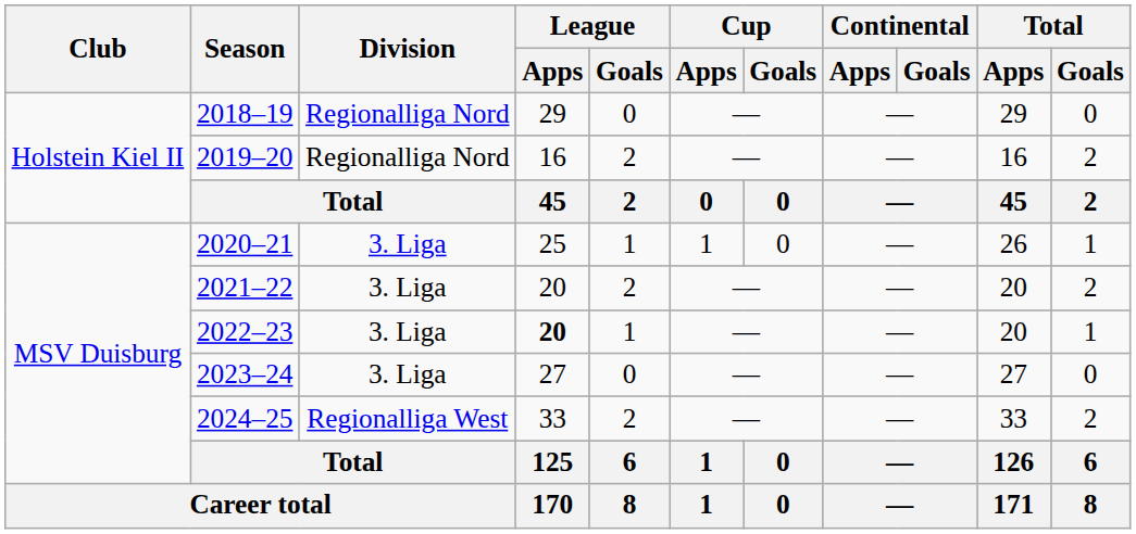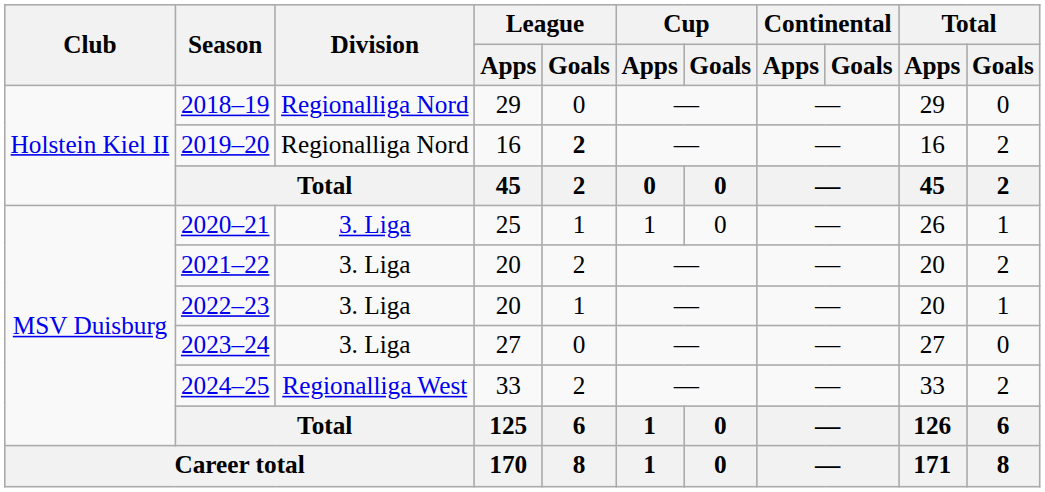 <table class="wikitable" style="text-align:center">
 <tr>
 <th rowspan="2">Club</th>
 <th rowspan="2">Season</th>
 <th rowspan="2">Division</th>
 <th colspan="2">League</th>
 <th colspan="2">Cup</th>
 <th colspan="2">Continental</th>
 <th colspan="2">Total</th>
 </tr>
 <tr>
 <th>Apps</th>
 <th>Goals</th>
 <th>Apps</th>
 <th>Goals</th>
 <th>Apps</th>
 <th>Goals</th>
 <th>Apps</th>
 <th>Goals</th>
 </tr>
 <tr>
 <td rowspan="3"><a href='#'>Holstein Kiel II</a></td>
 <td><a href='#'>2018–19</a></td>
 <td><a href='#'>Regionalliga Nord</a></td>
 <td>29</td>
 <td>0</td>
 <td colspan="2">—</td>
 <td colspan="2">—</td>
 <td>29</td>
 <td>0</td>
 </tr>
 <tr>
 <td><a href='#'>2019–20</a></td>
 <td>Regionalliga Nord</td>
 <td>16</td>
-<td>2</td>
+<td><strong>2</strong></td>
 <td colspan="2">—</td>
 <td colspan="2">—</td>
 <td>16</td>
 <td>2</td>
 </tr>
 <tr>
 <th colspan="2">Total</th>
 <th>45</th>
 <th>2</th>
 <th>0</th>
 <th>0</th>
 <th colspan="2">—</th>
 <th>45</th>
 <th>2</th>
 </tr>
 <tr>
 <td rowspan="6"><a href='#'>MSV Duisburg</a></td>
 <td><a href='#'>2020–21</a></td>
 <td><a href='#'>3. Liga</a></td>
 <td>25</td>
 <td>1</td>
 <td>1</td>
 <td>0</td>
 <td colspan="2">—</td>
 <td>26</td>
 <td>1</td>
 </tr>
 <tr>
 <td><a href='#'>2021–22</a></td>
 <td>3. Liga</td>
 <td>20</td>
 <td>2</td>
 <td colspan="2">—</td>
 <td colspan="2">—</td>
 <td>20</td>
 <td>2</td>
 </tr>
 <tr>
 <td><a href='#'>2022–23</a></td>
 <td>3. Liga</td>
-<td><strong>20</strong></td>
+<td>20</td>
 <td>1</td>
 <td colspan="2">—</td>
 <td colspan="2">—</td>
 <td>20</td>
 <td>1</td>
 </tr>
 <tr>
 <td><a href='#'>2023–24</a></td>
 <td>3. Liga</td>
 <td>27</td>
 <td>0</td>
 <td colspan="2">—</td>
 <td colspan="2">—</td>
 <td>27</td>
 <td>0</td>
 </tr>
 <tr>
 <td><a href='#'>2024–25</a></td>
 <td><a href='#'>Regionalliga West</a></td>
 <td>33</td>
 <td>2</td>
 <td colspan="2">—</td>
 <td colspan="2">—</td>
 <td>33</td>
 <td>2</td>
 </tr>
 <tr>
 <th colspan="2">Total</th>
 <th>125</th>
 <th>6</th>
 <th>1</th>
 <th>0</th>
 <th colspan="2">—</th>
 <th>126</th>
 <th>6</th>
 </tr>
 <tr>
 <th colspan="3">Career total</th>
 <th>170</th>
 <th>8</th>
 <th>1</th>
 <th>0</th>
 <th colspan="2">—</th>
 <th>171</th>
 <th>8</th>
 </tr>
 </table>
